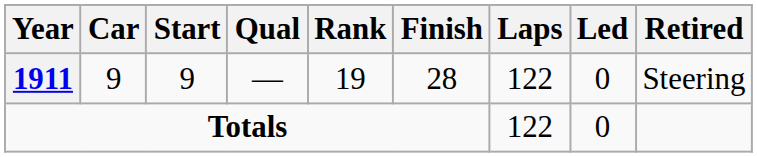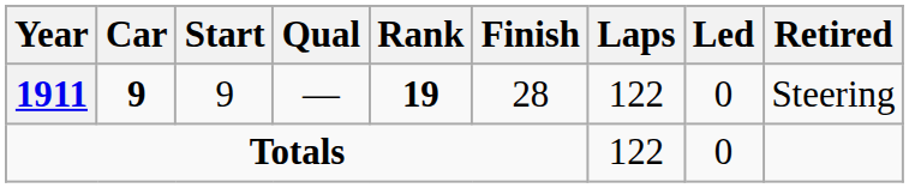 <table class="wikitable" style="text-align:center">
 <tr>
 <th>Year</th>
 <th>Car</th>
 <th>Start</th>
 <th>Qual</th>
 <th>Rank</th>
 <th>Finish</th>
 <th>Laps</th>
 <th>Led</th>
 <th>Retired</th>
 </tr>
 <tr>
 <th><a href='#'>1911</a></th>
-<td>9</td>
+<td><strong>9</strong></td>
 <td>9</td>
 <td>—</td>
-<td>19</td>
+<td><strong>19</strong></td>
 <td>28</td>
 <td>122</td>
 <td>0</td>
 <td>Steering</td>
 </tr>
 <tr>
 <td colspan=6><strong>Totals</strong></td>
 <td>122</td>
 <td>0</td>
 <td></td>
 </tr>
 </table>
